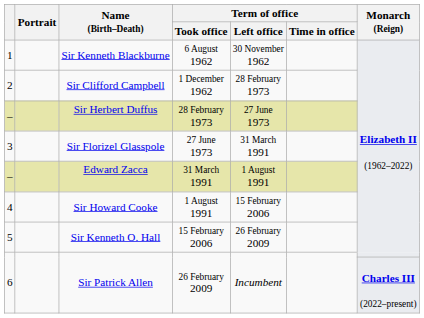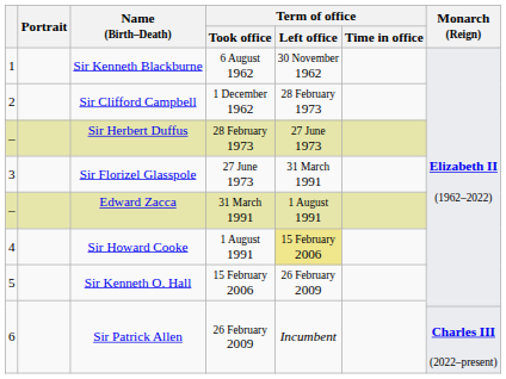 <table class="wikitable" style="text-align:center;">
 <tr>
 <th rowspan="2"></th>
 <th rowspan="2">Portrait</th>
 <th rowspan="2">Name<br><small>(Birth–Death)</small></th>
 <th colspan="3">Term of office</th>
 <th rowspan="2">Monarch<br><small>(Reign)</small></th>
 </tr>
 <tr>
 <th>Took office</th>
 <th>Left office</th>
 <th>Time in office</th>
 </tr>
 <tr>
 <td>1</td>
 <td></td>
 <td><a href='#'>Sir Kenneth Blackburne</a><br></td>
 <td><small>6 August</small><br>1962</td>
 <td><small>30 November</small><br>1962</td>
 <td></td>
 <td rowspan="7" style="background:#eaecf0; border-style: solid solid none solid ;"><br><strong><a href='#'>Elizabeth II</a></strong><br><br><small>(1962–2022)</small></td>
 </tr>
 <tr>
 <td>2</td>
 <td></td>
 <td><a href='#'>Sir Clifford Campbell</a><br></td>
 <td><small>1 December</small><br>1962</td>
 <td><small>28 February</small><br>1973</td>
 <td></td>
 </tr>
 <tr style="background:#e6e6aa;">
 <td>–</td>
 <td></td>
 <td><a href='#'>Sir Herbert Duffus</a><br><br></td>
 <td><small>28 February</small><br>1973</td>
 <td><small>27 June</small><br>1973</td>
 <td></td>
 </tr>
 <tr>
 <td>3</td>
 <td></td>
 <td><a href='#'>Sir Florizel Glasspole</a><br></td>
 <td><small>27 June</small><br>1973</td>
 <td><small>31 March</small><br>1991</td>
 <td></td>
 </tr>
 <tr style="background:#e6e6aa;">
 <td>–</td>
 <td></td>
 <td><a href='#'>Edward Zacca</a><br><br></td>
 <td><small>31 March</small><br>1991</td>
 <td><small>1 August</small><br>1991</td>
 <td></td>
 </tr>
 <tr>
 <td>4</td>
 <td></td>
 <td><a href='#'>Sir Howard Cooke</a><br></td>
 <td><small>1 August</small><br>1991</td>
-<td><small>15 February</small><br>2006</td>
+<td style="background: khaki;"><small>15 February</small><br>2006</td>
 <td></td>
 </tr>
 <tr>
 <td>5</td>
 <td></td>
 <td><a href='#'>Sir Kenneth O. Hall</a><br></td>
 <td><small>15 February</small><br>2006</td>
 <td><small>26 February</small><br>2009</td>
 <td></td>
 </tr>
 <tr>
 <td rowspan="2">6</td>
 <td rowspan="2"></td>
 <td rowspan="2"><a href='#'>Sir Patrick Allen</a><br></td>
 <td rowspan="2"><small>26 February</small><br>2009</td>
 <td rowspan="2"><em>Incumbent</em></td>
 <td rowspan="2"></td>
 <td style="background:#eaecf0 ; border-style: none solid solid solid ;"></td>
 </tr>
 <tr>
 <td style="background:#eaecf0"><br><strong><a href='#'>Charles III</a></strong><br><br><small>(2022–present)</small></td>
 </tr>
 </table>
